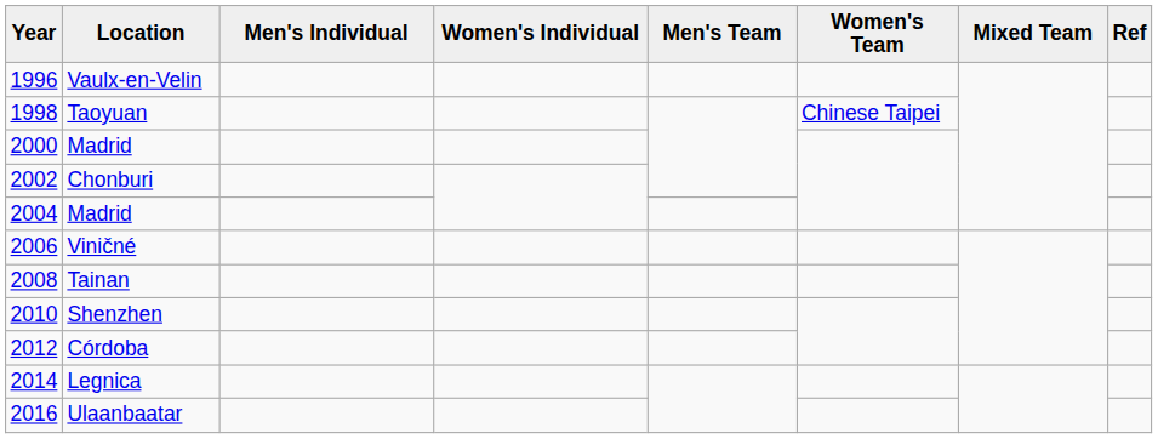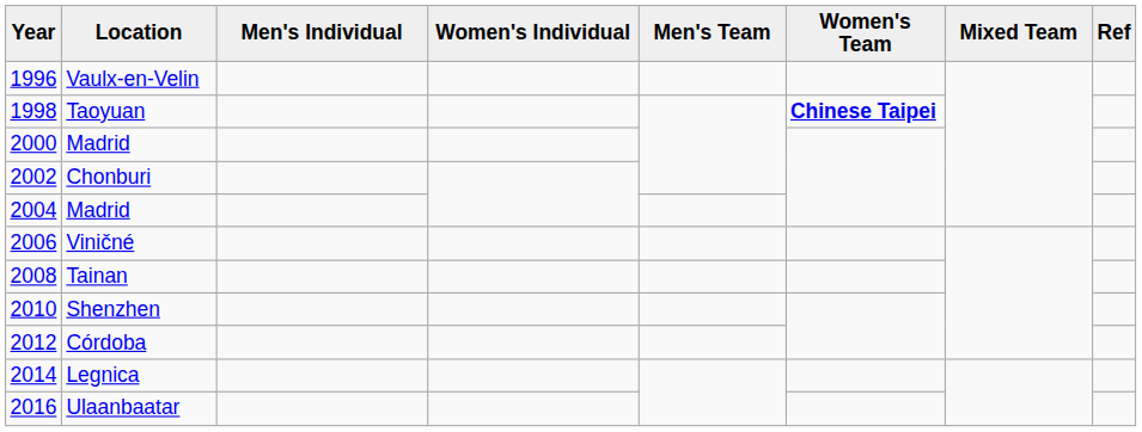 <table class="wikitable">
 <tr>
 <th scope="col" ! width="25" style="background: #efefef;">Year</th>
 <th scope="col" ! width="125" style="background: #efefef;">Location</th>
 <th scope="col" ! width="200" style="background: #efefef;">Men's Individual</th>
 <th scope="col" ! width="200" style="background: #efefef;">Women's Individual</th>
 <th scope="col" ! width="140" style="background: #efefef;">Men's Team</th>
 <th scope="col" ! width="140" style="background: #efefef;">Women's Team</th>
 <th scope="col" ! width="140" style="background: #efefef;">Mixed Team</th>
 <th scope="col" ! width="25" style="background: #efefef;">Ref</th>
 </tr>
 <tr>
 <td><a href='#'>1996</a></td>
 <td> <a href='#'>Vaulx-en-Velin</a></td>
 <td></td>
 <td></td>
 <td></td>
 <td></td>
 <td rowspan=5></td>
 <td></td>
 </tr>
 <tr>
 <td><a href='#'>1998</a></td>
 <td> <a href='#'>Taoyuan</a></td>
 <td></td>
 <td></td>
 <td rowspan=3></td>
-<td> <a href='#'>Chinese Taipei</a></td>
+<td><strong> <a href='#'>Chinese Taipei</a></strong></td>
 <td></td>
 </tr>
 <tr>
 <td><a href='#'>2000</a></td>
 <td> <a href='#'>Madrid</a></td>
 <td></td>
 <td></td>
 <td rowspan=3></td>
 <td></td>
 </tr>
 <tr>
 <td><a href='#'>2002</a></td>
 <td> <a href='#'>Chonburi</a></td>
 <td></td>
 <td rowspan=2></td>
 <td></td>
 </tr>
 <tr>
 <td><a href='#'>2004</a></td>
 <td> <a href='#'>Madrid</a></td>
 <td></td>
 <td></td>
 <td></td>
 </tr>
 <tr>
 <td><a href='#'>2006</a></td>
 <td> <a href='#'>Viničné</a></td>
 <td></td>
 <td></td>
 <td></td>
 <td></td>
 <td rowspan=4></td>
 <td></td>
 </tr>
 <tr>
 <td><a href='#'>2008</a></td>
 <td> <a href='#'>Tainan</a></td>
 <td></td>
 <td></td>
 <td></td>
 <td></td>
 <td></td>
 </tr>
 <tr>
 <td><a href='#'>2010</a></td>
 <td> <a href='#'>Shenzhen</a></td>
 <td></td>
 <td></td>
 <td></td>
 <td rowspan=2></td>
 <td></td>
 </tr>
 <tr>
 <td><a href='#'>2012</a></td>
 <td> <a href='#'>Córdoba</a></td>
 <td></td>
 <td></td>
 <td></td>
 <td></td>
 </tr>
 <tr>
 <td><a href='#'>2014</a></td>
 <td> <a href='#'>Legnica</a></td>
 <td></td>
 <td></td>
 <td rowspan="2"></td>
 <td></td>
 <td rowspan="2"></td>
 <td></td>
 </tr>
 <tr>
 <td><a href='#'>2016</a></td>
 <td> <a href='#'>Ulaanbaatar</a></td>
 <td></td>
 <td></td>
 <td></td>
 <td></td>
 </tr>
 </table>
